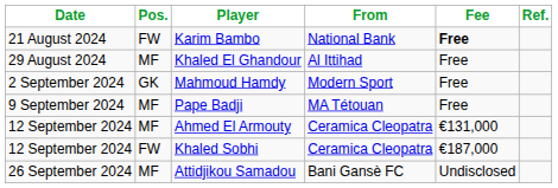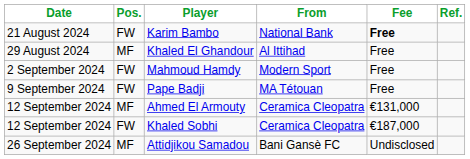 <table class="wikitable plainrowheaders sortable">
 <tr>
 <th style="background:#ffffff; color:#099e2c; ">Date</th>
 <th style="background:#ffffff; color:#099e2c; ">Pos.</th>
 <th style="background:#ffffff; color:#099e2c; ">Player</th>
 <th style="background:#ffffff; color:#099e2c; ">From</th>
 <th style="background:#ffffff; color:#099e2c; ">Fee</th>
 <th style="background:#ffffff; color:#099e2c; ">Ref.</th>
 </tr>
 <tr>
 <td>21 August 2024</td>
 <td>FW</td>
 <td> <a href='#'>Karim Bambo</a></td>
 <td> <a href='#'>National Bank</a></td>
 <td><strong>Free</strong></td>
 <td></td>
 </tr>
 <tr>
 <td>29 August 2024</td>
 <td>MF</td>
 <td> <a href='#'>Khaled El Ghandour</a></td>
 <td> <a href='#'>Al Ittihad</a></td>
 <td>Free</td>
 <td></td>
 </tr>
 <tr>
 <td>2 September 2024</td>
-<td>GK</td>
+<td>FW</td>
 <td> <a href='#'>Mahmoud Hamdy</a></td>
 <td> <a href='#'>Modern Sport</a></td>
 <td>Free</td>
 <td></td>
 </tr>
 <tr>
 <td>9 September 2024</td>
-<td>MF</td>
+<td>FW</td>
 <td> <a href='#'>Pape Badji</a></td>
 <td> <a href='#'>MA Tétouan</a></td>
 <td>Free</td>
 <td></td>
 </tr>
 <tr>
 <td>12 September 2024</td>
 <td>MF</td>
 <td> <a href='#'>Ahmed El Armouty</a></td>
 <td> <a href='#'>Ceramica Cleopatra</a></td>
 <td>€131,000</td>
 <td></td>
 </tr>
 <tr>
 <td>12 September 2024</td>
 <td>FW</td>
 <td> <a href='#'>Khaled Sobhi</a></td>
 <td> <a href='#'>Ceramica Cleopatra</a></td>
 <td>€187,000</td>
 <td></td>
 </tr>
 <tr>
 <td>26 September 2024</td>
 <td>MF</td>
 <td> <a href='#'>Attidjikou Samadou</a></td>
 <td> Bani Gansè FC</td>
 <td>Undisclosed</td>
 <td></td>
 </tr>
 </table>
